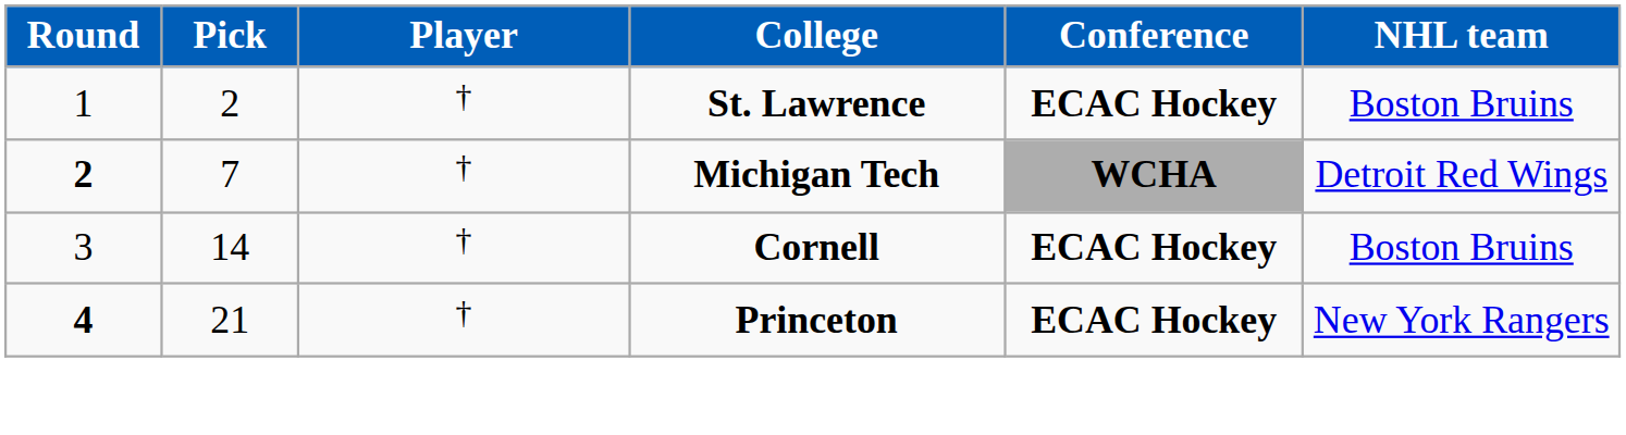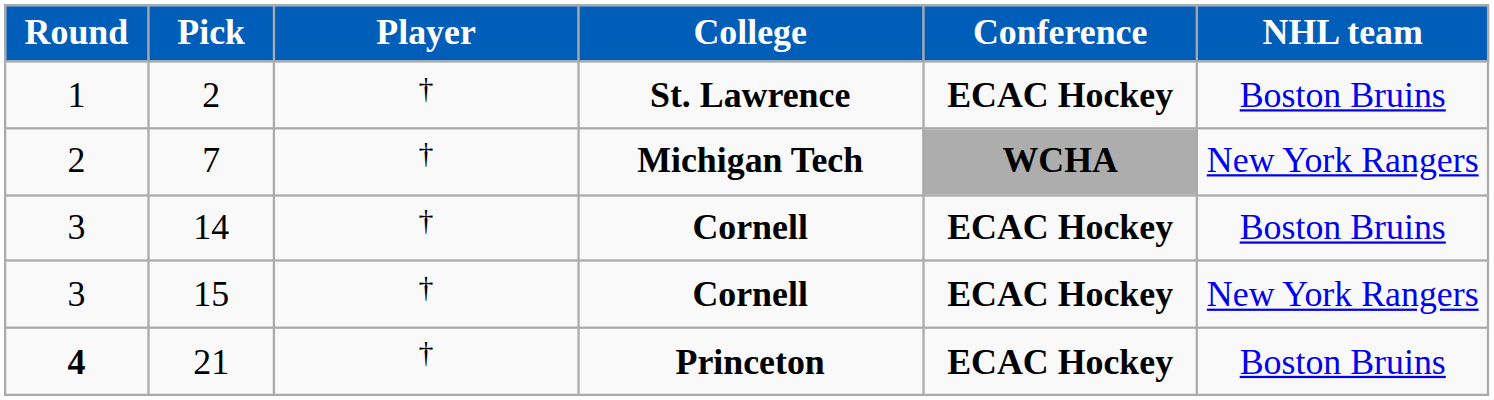 <table class="wikitable sortable" width="75%">
 <tr>
 <th style="color:white; background-color:#005EB8; width: 4em;">Round</th>
 <th style="color:white; background-color:#005EB8; width: 4em;">Pick</th>
 <th style="color:white; background-color:#005EB8; width: 12em;">Player</th>
 <th style="color:white; background-color:#005EB8; width: 13em;">College</th>
 <th style="color:white; background-color:#005EB8; width: 9em;">Conference</th>
 <th style="color:white; background-color:#005EB8; width: 11em;">NHL team</th>
 </tr>
 <tr align="center" bgcolor="">
 <td>1</td>
 <td>2</td>
 <td> <sup>†</sup></td>
 <td><strong>St. Lawrence</strong></td>
 <td><strong>ECAC Hockey</strong></td>
 <td><a href='#'>Boston Bruins</a></td>
 </tr>
 <tr align="center" bgcolor="">
-<td><strong>2</strong></td>
+<td>2</td>
 <td>7</td>
 <td> <sup>†</sup></td>
 <td><strong>Michigan Tech</strong></td>
 <td style="color:black; background:#ADADAD; "><strong>WCHA</strong></td>
-<td><a href='#'>Detroit Red Wings</a></td>
+<td><a href='#'>New York Rangers</a></td>
 </tr>
 <tr align="center" bgcolor="">
 <td>3</td>
 <td>14</td>
 <td> <sup>†</sup></td>
 <td><strong>Cornell</strong></td>
 <td><strong>ECAC Hockey</strong></td>
 <td><a href='#'>Boston Bruins</a></td>
 </tr>
 <tr align="center" bgcolor="">
+<td>3</td>
+<td>15</td>
+<td> <sup>†</sup></td>
+<td><strong>Cornell</strong></td>
+<td><strong>ECAC Hockey</strong></td>
+<td><a href='#'>New York Rangers</a></td>
+</tr>
+<tr align="center" bgcolor="">
 <td><strong>4</strong></td>
 <td>21</td>
 <td> <sup>†</sup></td>
 <td><strong>Princeton</strong></td>
 <td><strong>ECAC Hockey</strong></td>
-<td><a href='#'>New York Rangers</a></td>
+<td><a href='#'>Boston Bruins</a></td>
 </tr>
 </table>
